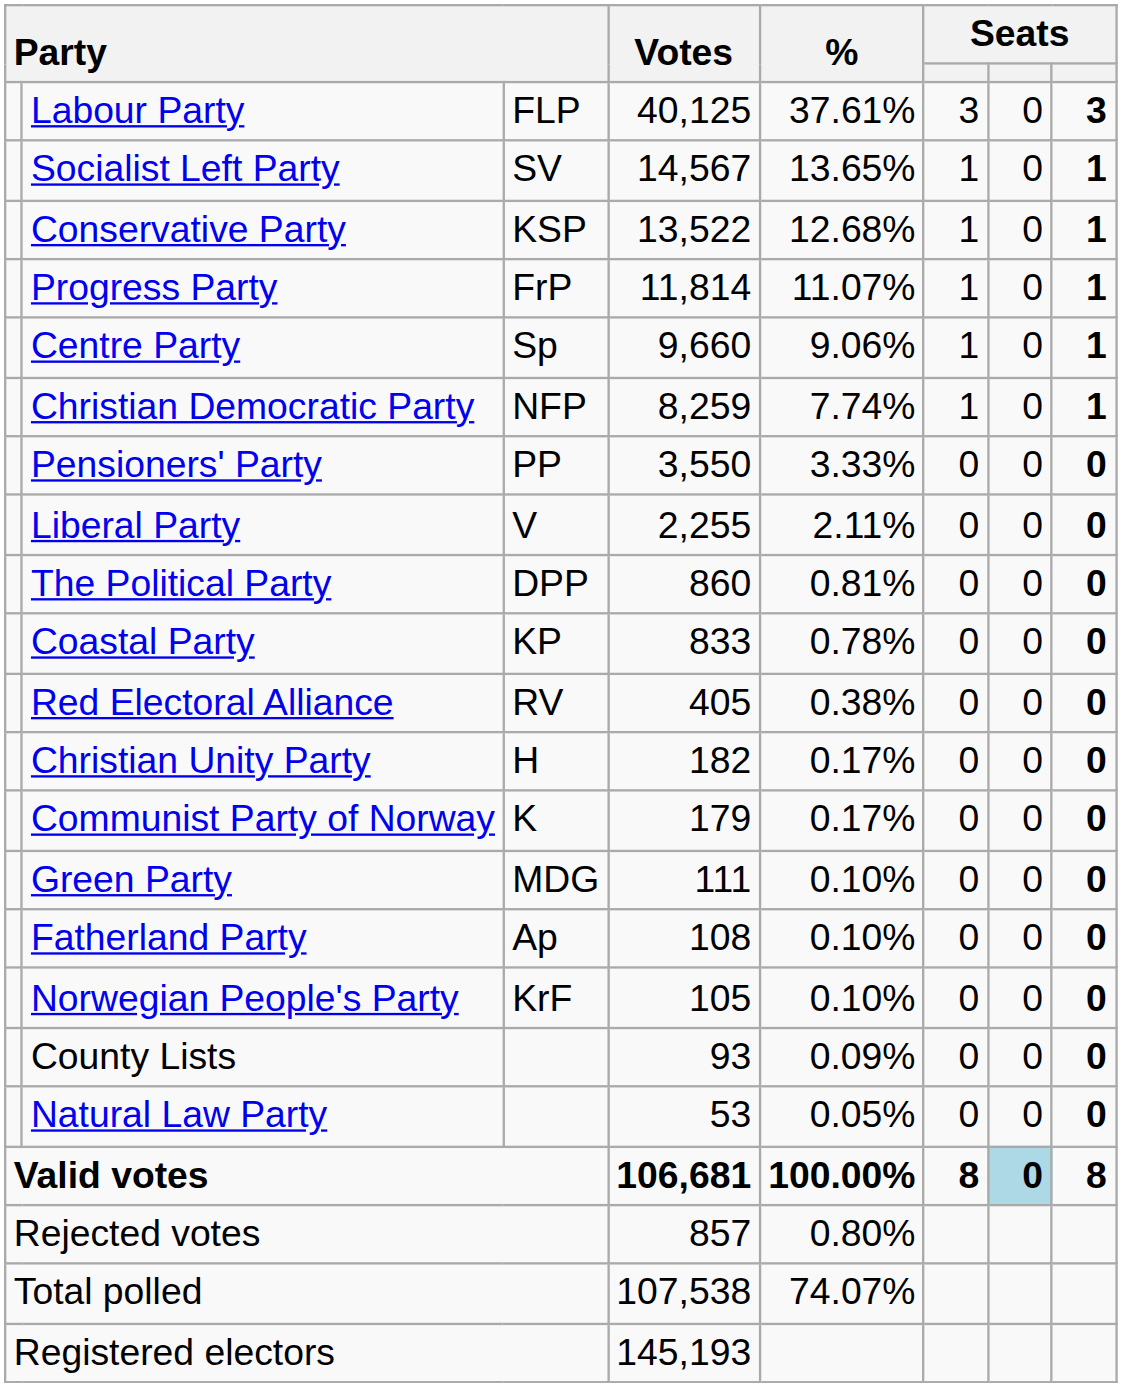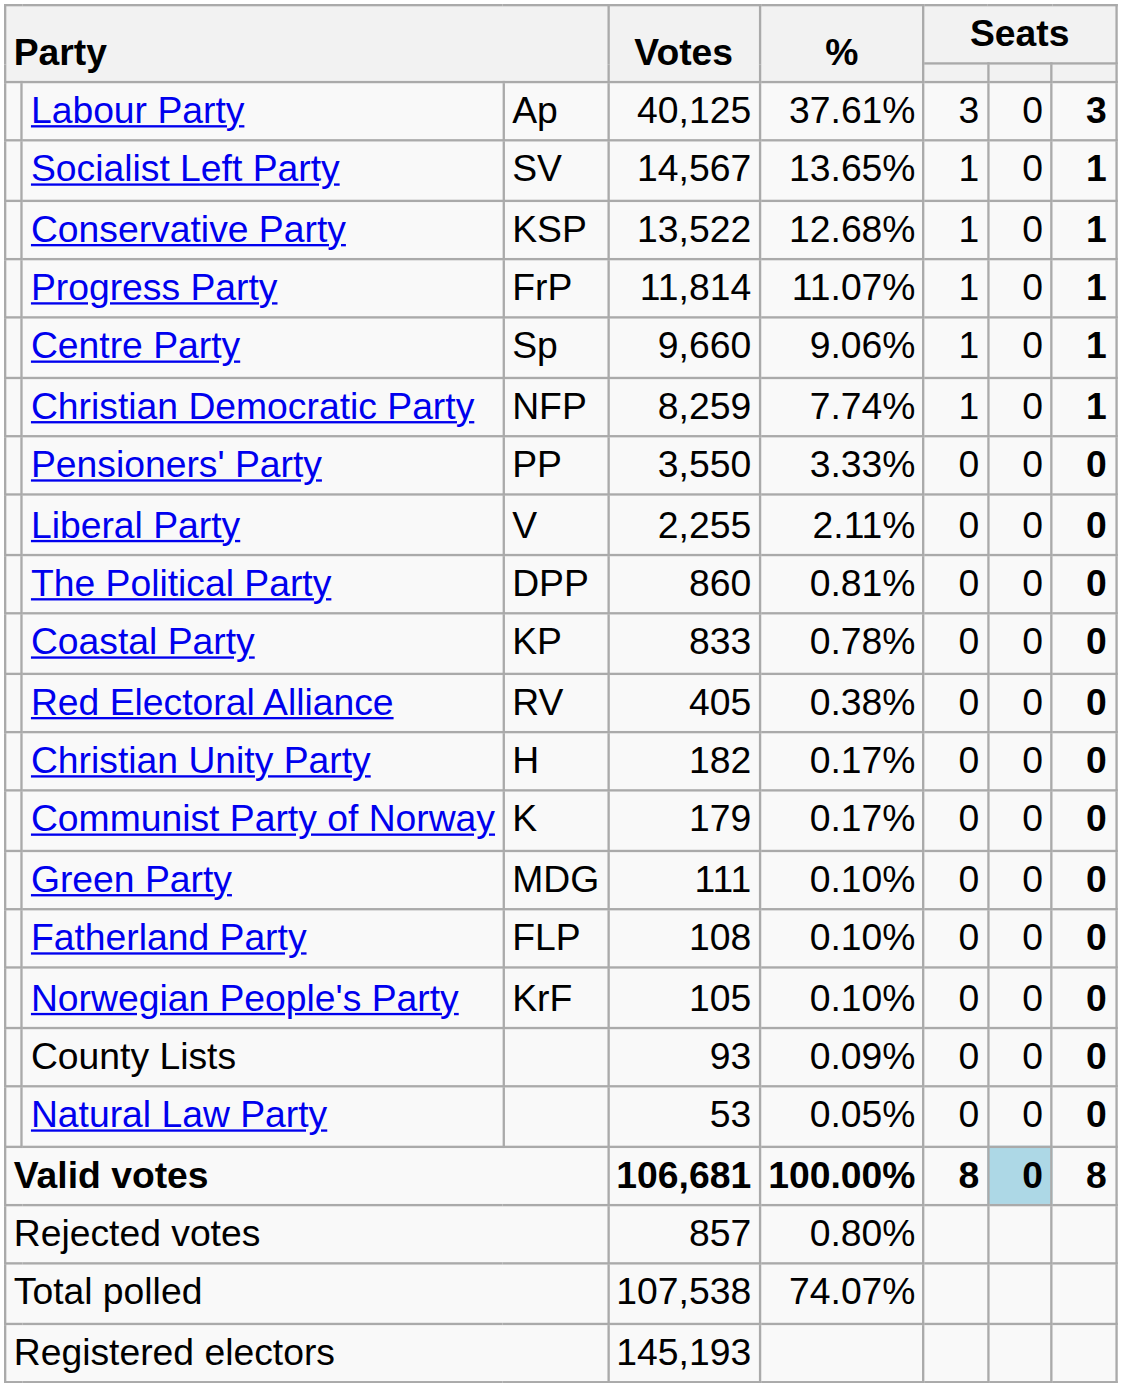 <table class="wikitable" border="1" style="text-align:right;">
 <tr>
 <th style="text-align:left;" valign=bottom rowspan=2 colspan=3>Party</th>
 <th align=center valign=bottom rowspan=2 width="50">Votes</th>
 <th align=center valign=bottom rowspan=2 width="50">%</th>
 <th colspan=3>Seats</th>
 </tr>
 <tr>
 <th align=center valign=bottom width="20"><small></small></th>
 <th align=center valign=bottom width="20"><small><a href='#'></a></small></th>
 <th align=center valign=bottom width="20"><small></small></th>
 </tr>
 <tr>
 <td style="color:inherit;background:"></td>
 <td align=left><a href='#'>Labour Party</a></td>
-<td align=left>FLP</td>
+<td align=left>Ap</td>
 <td>40,125</td>
 <td>37.61%</td>
 <td>3</td>
 <td>0</td>
 <td><strong>3</strong></td>
 </tr>
 <tr>
 <td style="color:inherit;background:"></td>
 <td align=left><a href='#'>Socialist Left Party</a></td>
 <td align=left>SV</td>
 <td>14,567</td>
 <td>13.65%</td>
 <td>1</td>
 <td>0</td>
 <td><strong>1</strong></td>
 </tr>
 <tr>
 <td style="color:inherit;background:"></td>
 <td align=left><a href='#'>Conservative Party</a></td>
 <td align=left>KSP</td>
 <td>13,522</td>
 <td>12.68%</td>
 <td>1</td>
 <td>0</td>
 <td><strong>1</strong></td>
 </tr>
 <tr>
 <td style="color:inherit;background:"></td>
 <td align=left><a href='#'>Progress Party</a></td>
 <td align=left>FrP</td>
 <td>11,814</td>
 <td>11.07%</td>
 <td>1</td>
 <td>0</td>
 <td><strong>1</strong></td>
 </tr>
 <tr>
 <td style="color:inherit;background:"></td>
 <td align=left><a href='#'>Centre Party</a></td>
 <td align=left>Sp</td>
 <td>9,660</td>
 <td>9.06%</td>
 <td>1</td>
 <td>0</td>
 <td><strong>1</strong></td>
 </tr>
 <tr>
 <td style="color:inherit;background:"></td>
 <td align=left><a href='#'>Christian Democratic Party</a></td>
 <td align=left>NFP</td>
 <td>8,259</td>
 <td>7.74%</td>
 <td>1</td>
 <td>0</td>
 <td><strong>1</strong></td>
 </tr>
 <tr>
 <td style="color:inherit;background:"></td>
 <td align=left><a href='#'>Pensioners' Party</a></td>
 <td align=left>PP</td>
 <td>3,550</td>
 <td>3.33%</td>
 <td>0</td>
 <td>0</td>
 <td><strong>0</strong></td>
 </tr>
 <tr>
 <td style="color:inherit;background:"></td>
 <td align=left><a href='#'>Liberal Party</a></td>
 <td align=left>V</td>
 <td>2,255</td>
 <td>2.11%</td>
 <td>0</td>
 <td>0</td>
 <td><strong>0</strong></td>
 </tr>
 <tr>
 <td style="color:inherit;background:"></td>
 <td align=left><a href='#'>The Political Party</a></td>
 <td align=left>DPP</td>
 <td>860</td>
 <td>0.81%</td>
 <td>0</td>
 <td>0</td>
 <td><strong>0</strong></td>
 </tr>
 <tr>
 <td style="color:inherit;background:"></td>
 <td align=left><a href='#'>Coastal Party</a></td>
 <td align=left>KP</td>
 <td>833</td>
 <td>0.78%</td>
 <td>0</td>
 <td>0</td>
 <td><strong>0</strong></td>
 </tr>
 <tr>
 <td style="color:inherit;background:"></td>
 <td align=left><a href='#'>Red Electoral Alliance</a></td>
 <td align=left>RV</td>
 <td>405</td>
 <td>0.38%</td>
 <td>0</td>
 <td>0</td>
 <td><strong>0</strong></td>
 </tr>
 <tr>
 <td style="color:inherit;background:"></td>
 <td align=left><a href='#'>Christian Unity Party</a></td>
 <td align=left>H</td>
 <td>182</td>
 <td>0.17%</td>
 <td>0</td>
 <td>0</td>
 <td><strong>0</strong></td>
 </tr>
 <tr>
 <td style="color:inherit;background:"></td>
 <td align=left><a href='#'>Communist Party of Norway</a></td>
 <td align=left>K</td>
 <td>179</td>
 <td>0.17%</td>
 <td>0</td>
 <td>0</td>
 <td><strong>0</strong></td>
 </tr>
 <tr>
 <td style="color:inherit;background:"></td>
 <td align=left><a href='#'>Green Party</a></td>
 <td align=left>MDG</td>
 <td>111</td>
 <td>0.10%</td>
 <td>0</td>
 <td>0</td>
 <td><strong>0</strong></td>
 </tr>
 <tr>
 <td style="color:inherit;background:"></td>
 <td align=left><a href='#'>Fatherland Party</a></td>
-<td align=left>Ap</td>
+<td align=left>FLP</td>
 <td>108</td>
 <td>0.10%</td>
 <td>0</td>
 <td>0</td>
 <td><strong>0</strong></td>
 </tr>
 <tr>
 <td style="color:inherit;background:"></td>
 <td align=left><a href='#'>Norwegian People's Party</a></td>
 <td align=left>KrF</td>
 <td>105</td>
 <td>0.10%</td>
 <td>0</td>
 <td>0</td>
 <td><strong>0</strong></td>
 </tr>
 <tr>
 <td></td>
 <td align=left>County Lists</td>
 <td align=left></td>
 <td>93</td>
 <td>0.09%</td>
 <td>0</td>
 <td>0</td>
 <td><strong>0</strong></td>
 </tr>
 <tr>
 <td></td>
 <td align=left><a href='#'>Natural Law Party</a></td>
 <td align=left></td>
 <td>53</td>
 <td>0.05%</td>
 <td>0</td>
 <td>0</td>
 <td><strong>0</strong></td>
 </tr>
 <tr style="font-weight:bold">
 <td align=left colspan=3>Valid votes</td>
 <td>106,681</td>
 <td>100.00%</td>
 <td>8</td>
 <td style="background: lightblue;">0</td>
 <td>8</td>
 </tr>
 <tr>
 <td align=left colspan=3>Rejected votes</td>
 <td>857</td>
 <td>0.80%</td>
 <td></td>
 <td></td>
 <td></td>
 </tr>
 <tr>
 <td align=left colspan=3>Total polled</td>
 <td>107,538</td>
 <td>74.07%</td>
 <td></td>
 <td></td>
 <td></td>
 </tr>
 <tr>
 <td align=left colspan=3>Registered electors</td>
 <td>145,193</td>
 <td></td>
 <td></td>
 <td></td>
 <td></td>
 </tr>
 </table>
